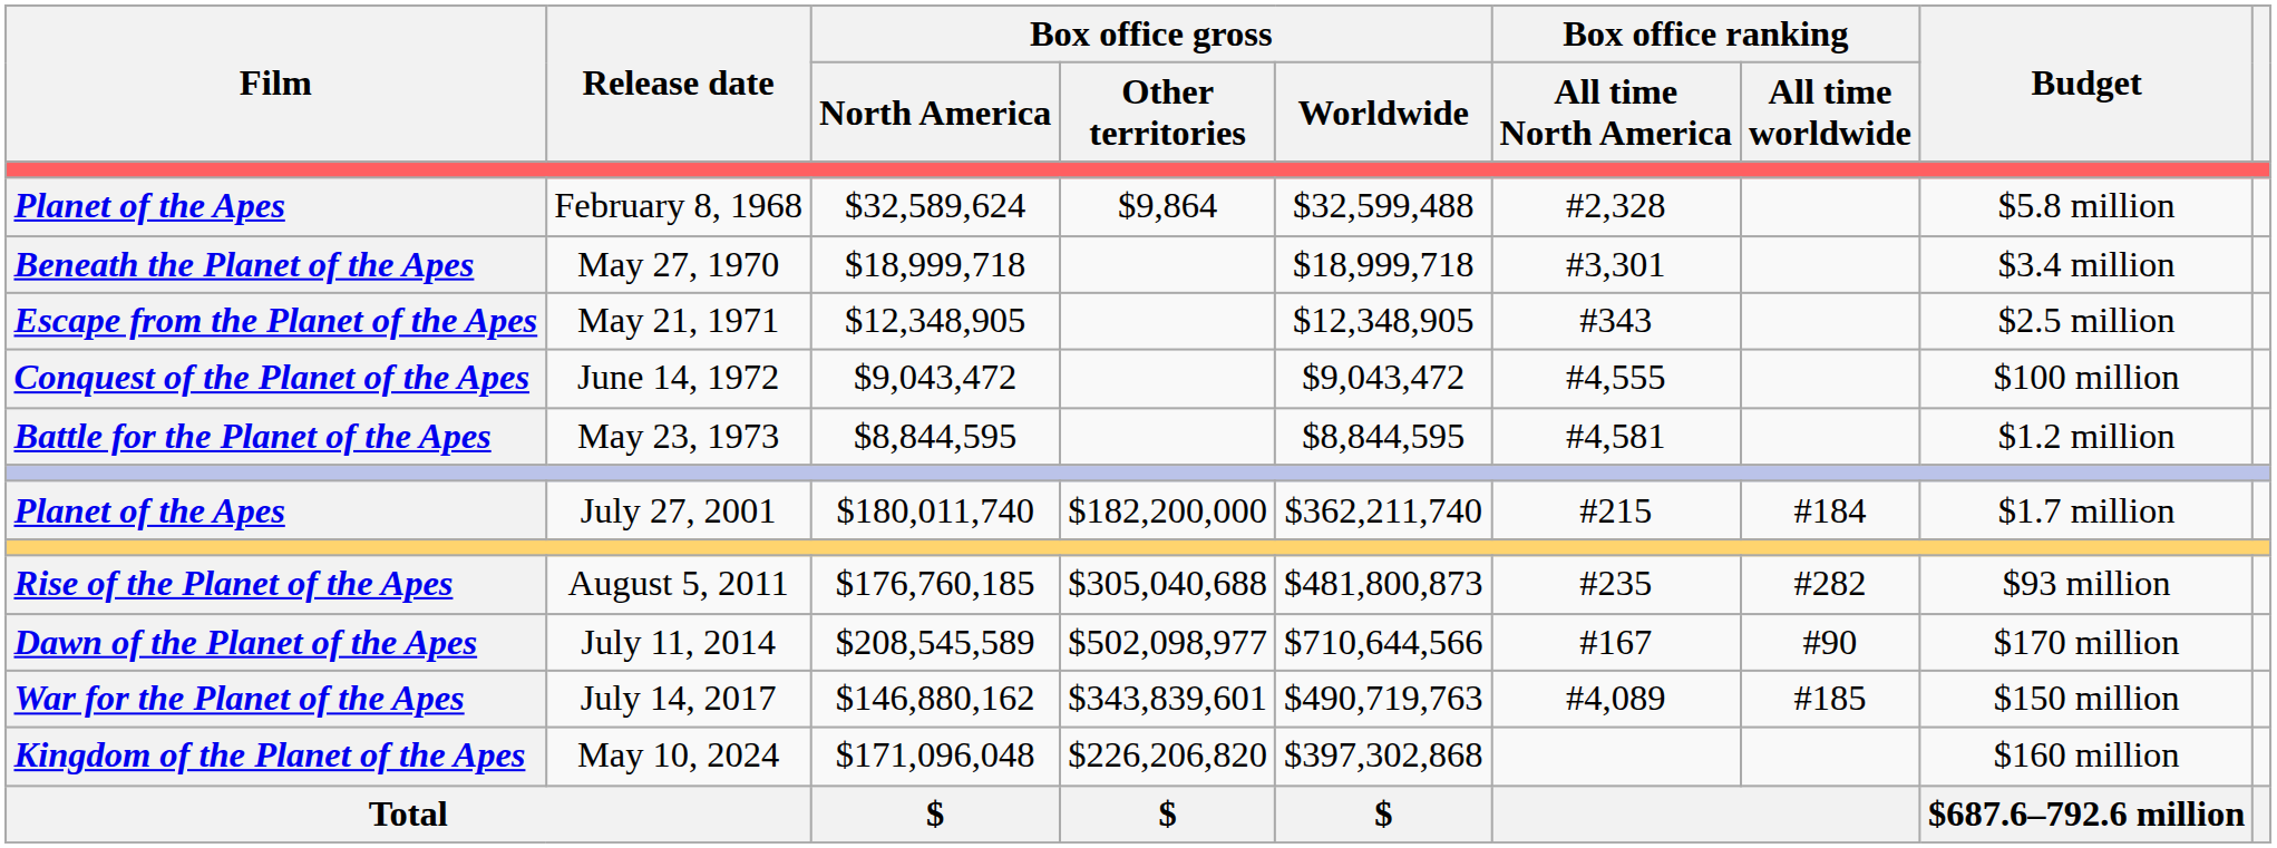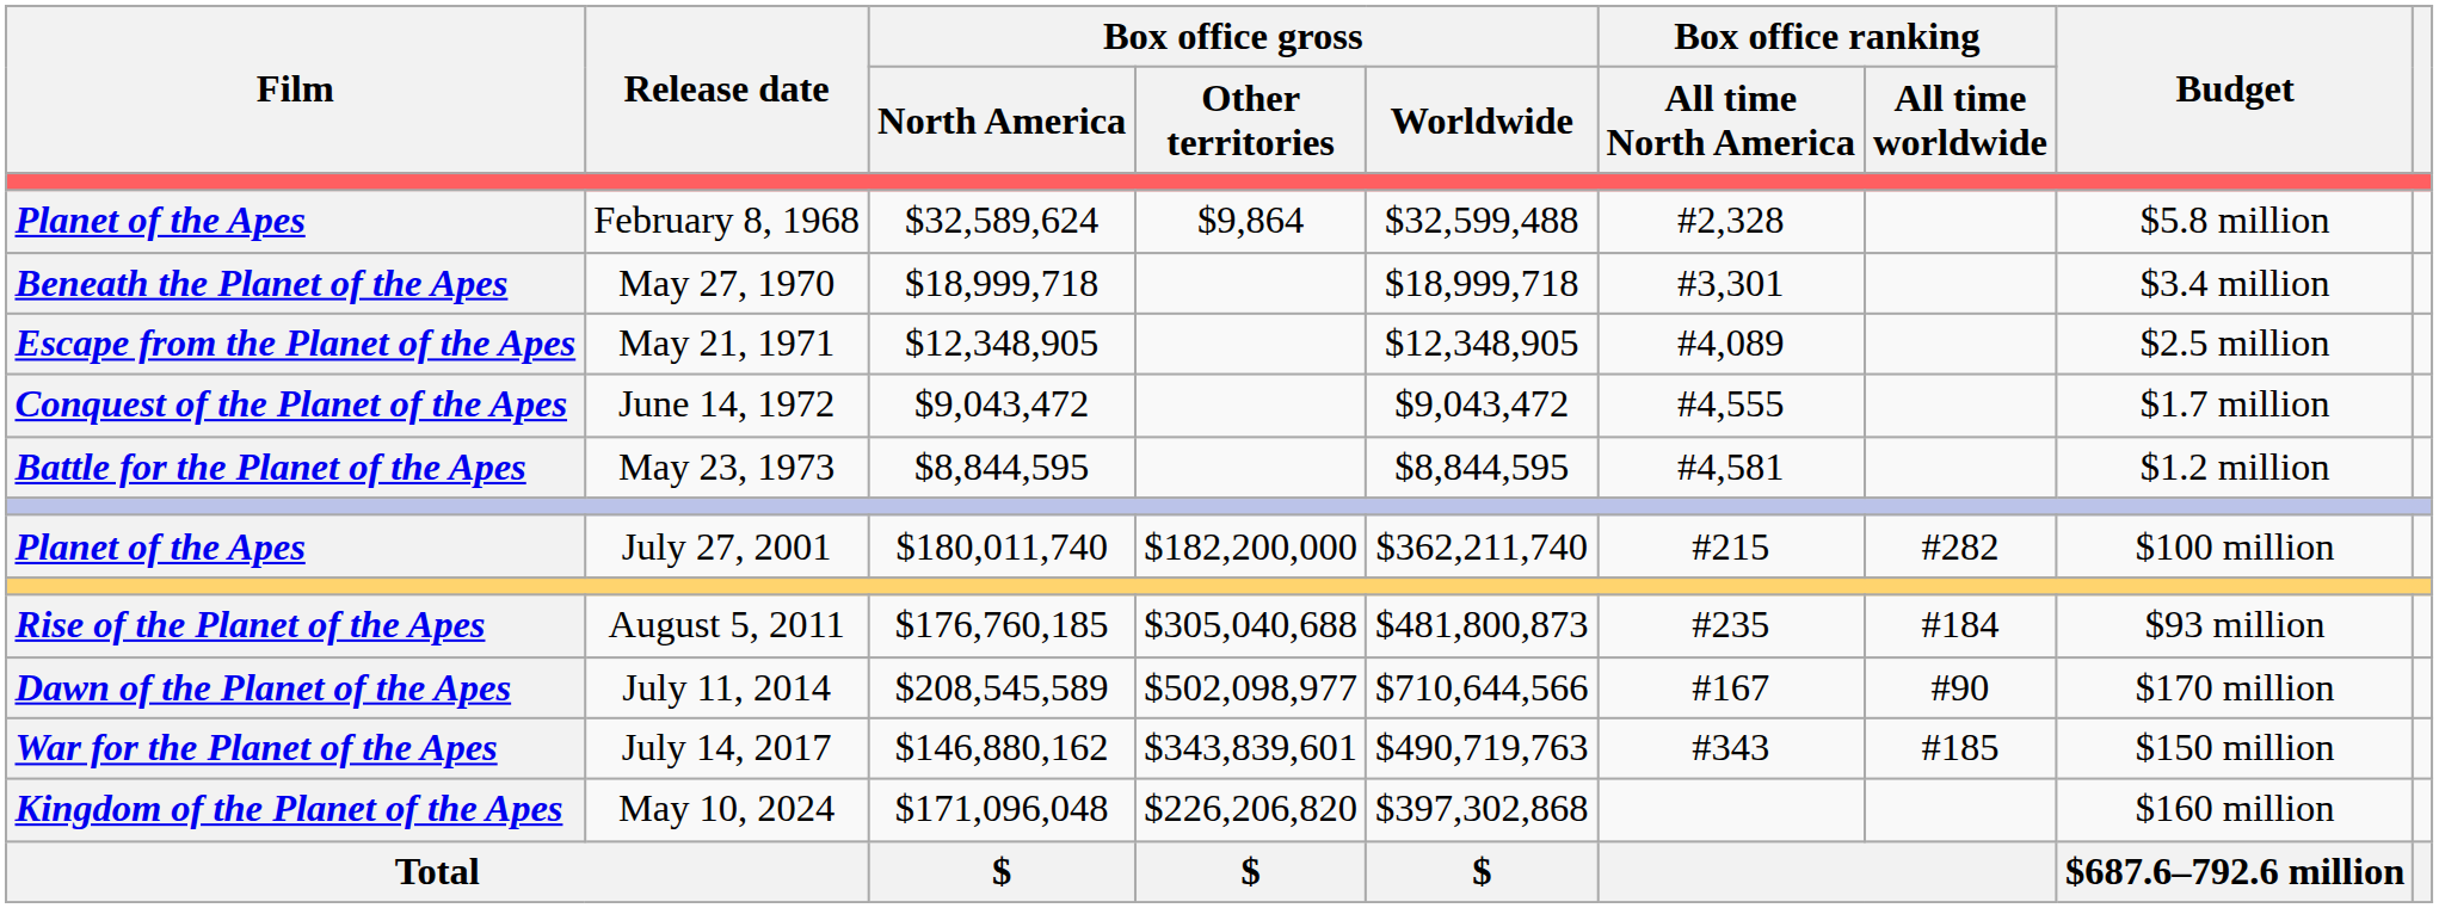 <table class="wikitable plainrowheaders sortable" border="1" style="text-align: center;">
 <tr>
 <th rowspan="2" scope=col>Film</th>
 <th rowspan="2" scope=col>Release date</th>
 <th colspan="3" scope=col>Box office gross</th>
 <th colspan="2" scope=col text="wrap">Box office ranking</th>
 <th rowspan="2" scope=col>Budget</th>
 <th rowspan="2" scope=col class=unsortable></th>
 </tr>
 <tr>
 <th>North America</th>
 <th>Other<br>territories</th>
 <th>Worldwide</th>
 <th>All time<br>North America</th>
 <th>All time<br>worldwide</th>
 </tr>
 <tr>
 <td colspan="9" style="background:#FF5F61;"></td>
 </tr>
 <tr>
 <th scope=row style="text-align:left;"><em><a href='#'>Planet of the Apes</a></em></th>
 <td>February 8, 1968</td>
 <td>$32,589,624</td>
 <td>$9,864</td>
 <td>$32,599,488</td>
 <td>#2,328</td>
 <td></td>
 <td>$5.8 million</td>
 <td></td>
 </tr>
 <tr>
 <th scope=row style="text-align:left;"><em><a href='#'>Beneath the Planet of the Apes</a></em></th>
 <td>May 27, 1970</td>
 <td>$18,999,718</td>
 <td></td>
 <td>$18,999,718</td>
 <td>#3,301</td>
 <td></td>
 <td>$3.4 million</td>
 <td></td>
 </tr>
 <tr>
 <th scope=row style="text-align:left;"><em><a href='#'>Escape from the Planet of the Apes</a></em></th>
 <td>May 21, 1971</td>
 <td>$12,348,905</td>
 <td></td>
 <td>$12,348,905</td>
-<td>#343</td>
+<td>#4,089</td>
 <td></td>
 <td>$2.5 million</td>
 <td></td>
 </tr>
 <tr>
 <th scope=row style="text-align:left;"><em><a href='#'>Conquest of the Planet of the Apes</a></em></th>
 <td>June 14, 1972</td>
 <td>$9,043,472</td>
 <td></td>
 <td>$9,043,472</td>
 <td>#4,555</td>
 <td></td>
-<td>$100 million</td>
+<td>$1.7 million</td>
 <td></td>
 </tr>
 <tr>
 <th scope=row style="text-align:left;"><em><a href='#'>Battle for the Planet of the Apes</a></em></th>
 <td>May 23, 1973</td>
 <td>$8,844,595</td>
 <td></td>
 <td>$8,844,595</td>
 <td>#4,581</td>
 <td></td>
 <td>$1.2 million</td>
 <td></td>
 </tr>
 <tr>
 <td colspan="9" style="background:#BBC3E9;"></td>
 </tr>
 <tr>
 <th scope=row style="text-align:left;"><em><a href='#'>Planet of the Apes</a></em></th>
 <td>July 27, 2001</td>
 <td>$180,011,740</td>
 <td>$182,200,000</td>
 <td>$362,211,740</td>
 <td>#215</td>
-<td>#184</td>
-<td>$1.7 million</td>
+<td>#282</td>
+<td>$100 million</td>
 <td></td>
 </tr>
 <tr>
 <td colspan="9" style="background:#FFD46E;"></td>
 </tr>
 <tr>
 <th scope=row style="text-align:left;"><em><a href='#'>Rise of the Planet of the Apes</a></em></th>
 <td>August 5, 2011</td>
 <td>$176,760,185</td>
 <td>$305,040,688</td>
 <td>$481,800,873</td>
 <td>#235</td>
-<td>#282</td>
+<td>#184</td>
 <td>$93 million</td>
 <td></td>
 </tr>
 <tr>
 <th scope=row style="text-align:left;"><em><a href='#'>Dawn of the Planet of the Apes</a></em></th>
 <td>July 11, 2014</td>
 <td>$208,545,589</td>
 <td>$502,098,977</td>
 <td>$710,644,566</td>
 <td>#167</td>
 <td>#90</td>
 <td>$170 million</td>
 <td></td>
 </tr>
 <tr>
 <th scope=row style="text-align:left;"><em><a href='#'>War for the Planet of the Apes</a></em></th>
 <td>July 14, 2017</td>
 <td>$146,880,162</td>
 <td>$343,839,601</td>
 <td>$490,719,763</td>
-<td>#4,089</td>
+<td>#343</td>
 <td>#185</td>
 <td>$150 million</td>
 <td></td>
 </tr>
 <tr>
 <th scope=row style="text-align:left;"><em><a href='#'>Kingdom of the Planet of the Apes</a></em></th>
 <td>May 10, 2024</td>
 <td>$171,096,048</td>
 <td>$226,206,820</td>
 <td>$397,302,868</td>
 <td></td>
 <td></td>
 <td>$160 million</td>
 <td></td>
 </tr>
 <tr>
 <th scope=row colspan="2">Total</th>
 <th>$</th>
 <th>$</th>
 <th>$</th>
 <th colspan="2"></th>
 <th>$687.6–792.6 million</th>
 <th></th>
 </tr>
 </table>
